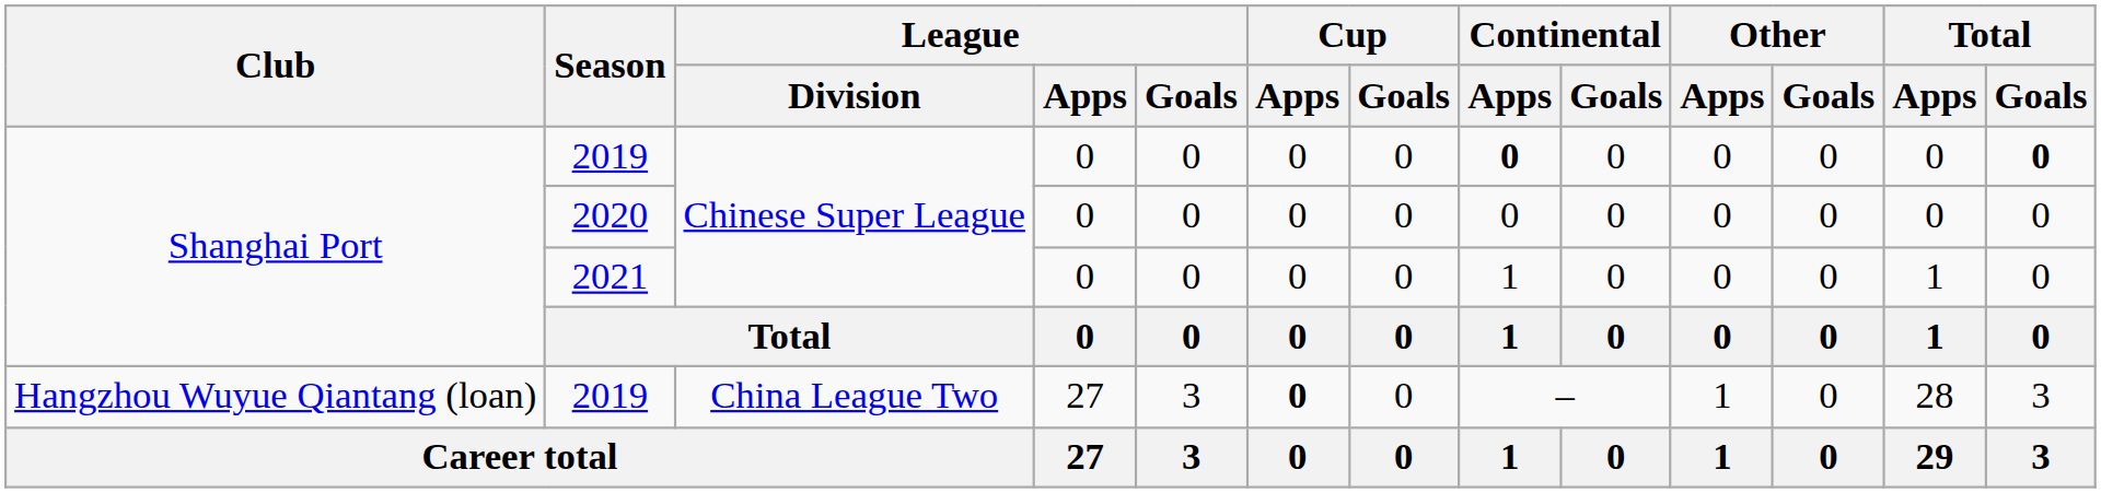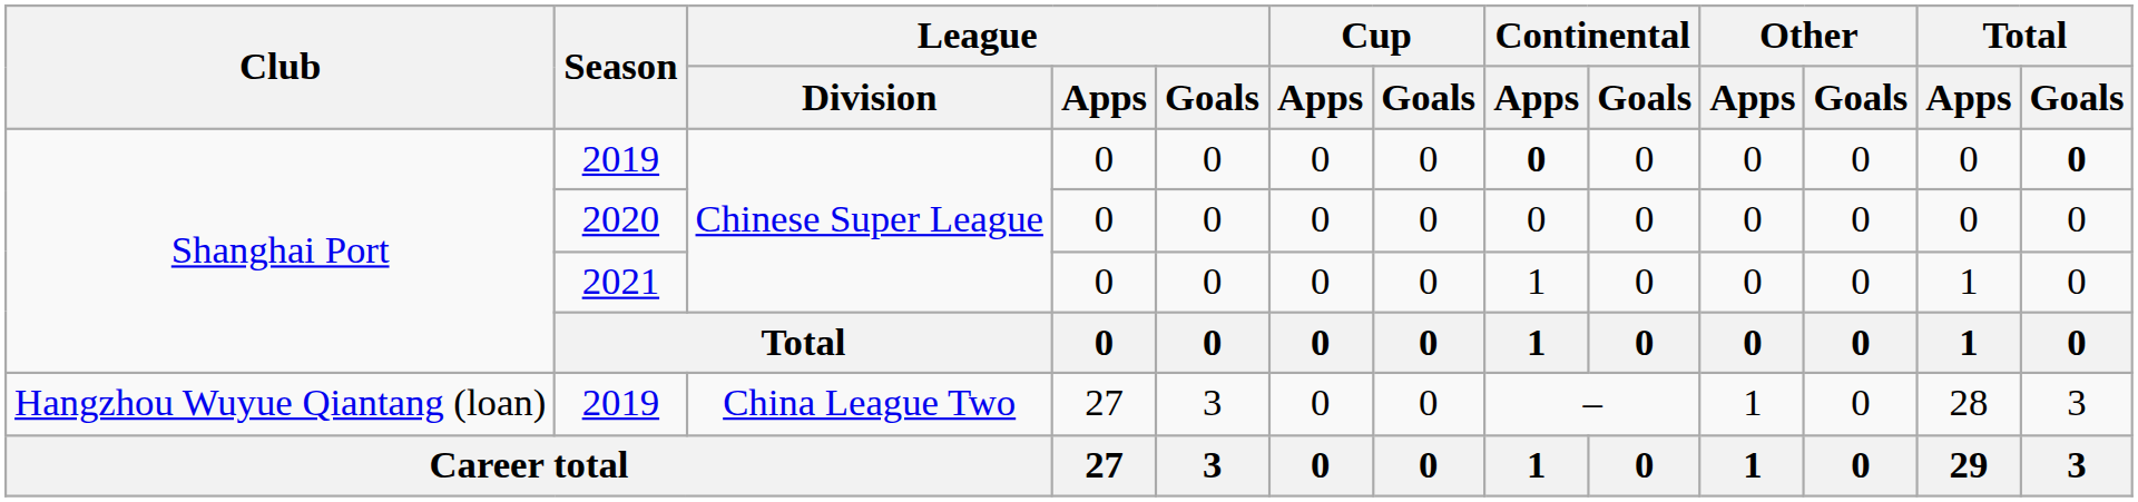 <table class="wikitable" style="text-align: center">
 <tr>
 <th rowspan="2">Club</th>
 <th rowspan="2">Season</th>
 <th colspan="3">League</th>
 <th colspan="2">Cup</th>
 <th colspan="2">Continental</th>
 <th colspan="2">Other</th>
 <th colspan="2">Total</th>
 </tr>
 <tr>
 <th>Division</th>
 <th>Apps</th>
 <th>Goals</th>
 <th>Apps</th>
 <th>Goals</th>
 <th>Apps</th>
 <th>Goals</th>
 <th>Apps</th>
 <th>Goals</th>
 <th>Apps</th>
 <th>Goals</th>
 </tr>
 <tr>
 <td rowspan="4"><a href='#'>Shanghai Port</a></td>
 <td><a href='#'>2019</a></td>
 <td rowspan="3"><a href='#'>Chinese Super League</a></td>
 <td>0</td>
 <td>0</td>
 <td>0</td>
 <td>0</td>
 <td><strong>0</strong></td>
 <td>0</td>
 <td>0</td>
 <td>0</td>
 <td>0</td>
 <td><strong>0</strong></td>
 </tr>
 <tr>
 <td><a href='#'>2020</a></td>
 <td>0</td>
 <td>0</td>
 <td>0</td>
 <td>0</td>
 <td>0</td>
 <td>0</td>
 <td>0</td>
 <td>0</td>
 <td>0</td>
 <td>0</td>
 </tr>
 <tr>
 <td><a href='#'>2021</a></td>
 <td>0</td>
 <td>0</td>
 <td>0</td>
 <td>0</td>
 <td>1</td>
 <td>0</td>
 <td>0</td>
 <td>0</td>
 <td>1</td>
 <td>0</td>
 </tr>
 <tr>
 <th colspan=2>Total</th>
 <th>0</th>
 <th>0</th>
 <th>0</th>
 <th>0</th>
 <th>1</th>
 <th>0</th>
 <th>0</th>
 <th>0</th>
 <th>1</th>
 <th>0</th>
 </tr>
 <tr>
 <td><a href='#'>Hangzhou Wuyue Qiantang</a> (loan)</td>
 <td><a href='#'>2019</a></td>
 <td><a href='#'>China League Two</a></td>
 <td>27</td>
 <td>3</td>
-<td><strong>0</strong></td>
+<td>0</td>
 <td>0</td>
 <td colspan="2">–</td>
 <td>1</td>
 <td>0</td>
 <td>28</td>
 <td>3</td>
 </tr>
 <tr>
 <th colspan=3>Career total</th>
 <th>27</th>
 <th>3</th>
 <th>0</th>
 <th>0</th>
 <th>1</th>
 <th>0</th>
 <th>1</th>
 <th>0</th>
 <th>29</th>
 <th>3</th>
 </tr>
 </table>
